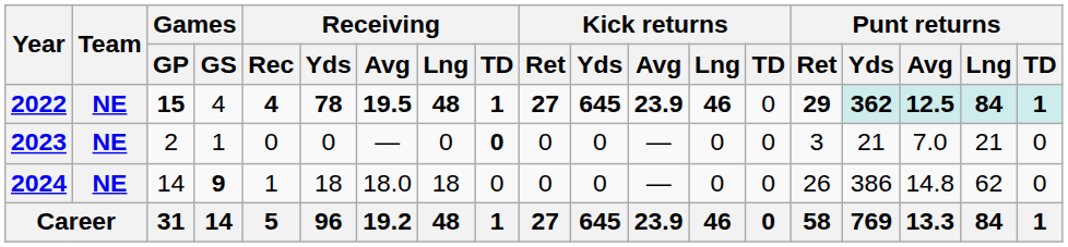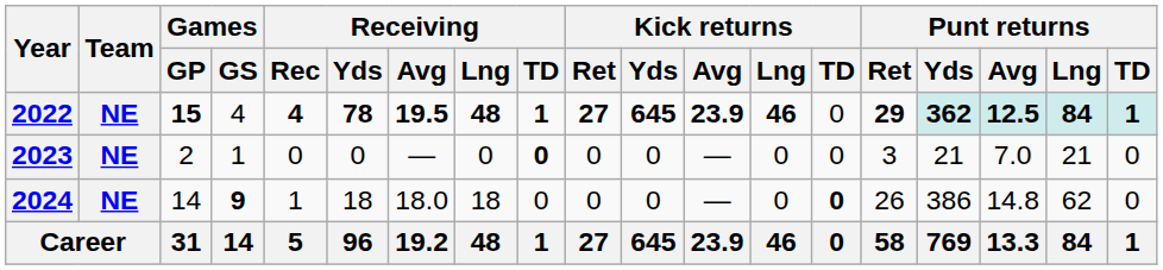 <table class="wikitable" style="text-align:center;">
 <tr>
 <th rowspan="2">Year</th>
 <th rowspan="2">Team</th>
 <th colspan="2">Games</th>
 <th colspan="5">Receiving</th>
 <th colspan="5">Kick returns</th>
 <th colspan="5">Punt returns</th>
 </tr>
 <tr>
 <th>GP</th>
 <th>GS</th>
 <th>Rec</th>
 <th>Yds</th>
 <th>Avg</th>
 <th>Lng</th>
 <th>TD</th>
 <th>Ret</th>
 <th>Yds</th>
 <th>Avg</th>
 <th>Lng</th>
 <th>TD</th>
 <th>Ret</th>
 <th>Yds</th>
 <th>Avg</th>
 <th>Lng</th>
 <th>TD</th>
 </tr>
 <tr>
 <th><a href='#'>2022</a></th>
 <th><a href='#'>NE</a></th>
 <td><strong>15</strong></td>
 <td>4</td>
 <td><strong>4</strong></td>
 <td><strong>78</strong></td>
 <td><strong>19.5</strong></td>
 <td><strong>48</strong></td>
 <td><strong>1</strong></td>
 <td><strong>27</strong></td>
 <td><strong>645</strong></td>
 <td><strong>23.9</strong></td>
 <td><strong>46</strong></td>
 <td>0</td>
 <td><strong>29</strong></td>
 <td style="background:#cfecec;"><strong>362</strong></td>
 <td style="background:#cfecec;"><strong>12.5</strong></td>
 <td style="background:#cfecec;"><strong>84</strong></td>
 <td style="background:#cfecec;"><strong>1</strong></td>
 </tr>
 <tr>
 <th><a href='#'>2023</a></th>
 <th><a href='#'>NE</a></th>
 <td>2</td>
 <td>1</td>
 <td>0</td>
 <td>0</td>
 <td>—</td>
 <td>0</td>
 <td><strong>0</strong></td>
 <td>0</td>
 <td>0</td>
 <td>—</td>
 <td>0</td>
 <td>0</td>
 <td>3</td>
 <td>21</td>
 <td>7.0</td>
 <td>21</td>
 <td>0</td>
 </tr>
 <tr>
 <th><a href='#'>2024</a></th>
 <th><a href='#'>NE</a></th>
 <td>14</td>
 <td><strong>9</strong></td>
 <td>1</td>
 <td>18</td>
 <td>18.0</td>
 <td>18</td>
 <td>0</td>
 <td>0</td>
 <td>0</td>
 <td>—</td>
 <td>0</td>
-<td>0</td>
+<td><strong>0</strong></td>
 <td>26</td>
 <td>386</td>
 <td>14.8</td>
 <td>62</td>
 <td>0</td>
 </tr>
 <tr>
 <th colspan="2">Career</th>
 <th>31</th>
 <th>14</th>
 <th>5</th>
 <th>96</th>
 <th>19.2</th>
 <th>48</th>
 <th>1</th>
 <th>27</th>
 <th>645</th>
 <th>23.9</th>
 <th>46</th>
 <th>0</th>
 <th>58</th>
 <th>769</th>
 <th>13.3</th>
 <th>84</th>
 <th>1</th>
 </tr>
 </table>
